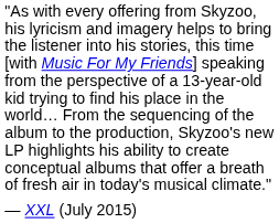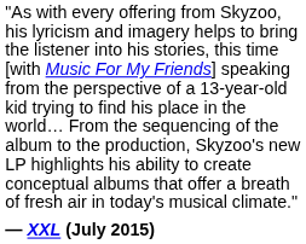 <table class="toccolours" style="float: left; margin-left: 0em; margin-right: 2em; font-size: 85%; background:offwhite; color:black; width:20em; max-width: 40%;" cellspacing="5">
 <tr>
 <td style="text-align: left;">"As with every offering from Skyzoo, his lyricism and imagery helps to bring the listener into his stories, this time [with <em><a href='#'>Music For My Friends</a></em>] speaking from the perspective of a 13-year-old kid trying to find his place in the world… From the sequencing of the album to the production, Skyzoo's new LP highlights his ability to create conceptual albums that offer a breath of fresh air in today's musical climate."</td>
 </tr>
 <tr>
-<td style="text-align: left;">— <em><a href='#'>XXL</a></em> (July 2015)</td>
+<td style="text-align: left;"><strong>— <em><a href='#'>XXL</a></em> (July 2015)</strong></td>
 </tr>
 </table>
